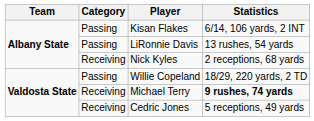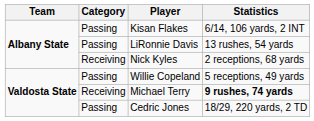 <table class="wikitable" style="float: right;">
 <tr>
 <th>Team</th>
 <th>Category</th>
 <th>Player</th>
 <th>Statistics</th>
 </tr>
 <tr>
 <td rowspan=3><strong>Albany State</strong></td>
 <td>Passing</td>
 <td>Kisan Flakes</td>
 <td>6/14, 106 yards, 2 INT</td>
 </tr>
 <tr>
 <td>Passing</td>
 <td>LiRonnie Davis</td>
 <td>13 rushes, 54 yards</td>
 </tr>
 <tr>
 <td>Receiving</td>
 <td>Nick Kyles</td>
 <td>2 receptions, 68 yards</td>
 </tr>
 <tr>
 <td rowspan=3><strong>Valdosta State</strong></td>
 <td>Passing</td>
 <td>Willie Copeland</td>
-<td>18/29, 220 yards, 2 TD</td>
+<td>5 receptions, 49 yards</td>
 </tr>
 <tr>
 <td>Receiving</td>
 <td>Michael Terry</td>
 <td><strong>9 rushes, 74 yards</strong></td>
 </tr>
 <tr>
-<td>Receiving</td>
+<td>Passing</td>
 <td>Cedric Jones</td>
-<td>5 receptions, 49 yards</td>
+<td>18/29, 220 yards, 2 TD</td>
 </tr>
 </table>
